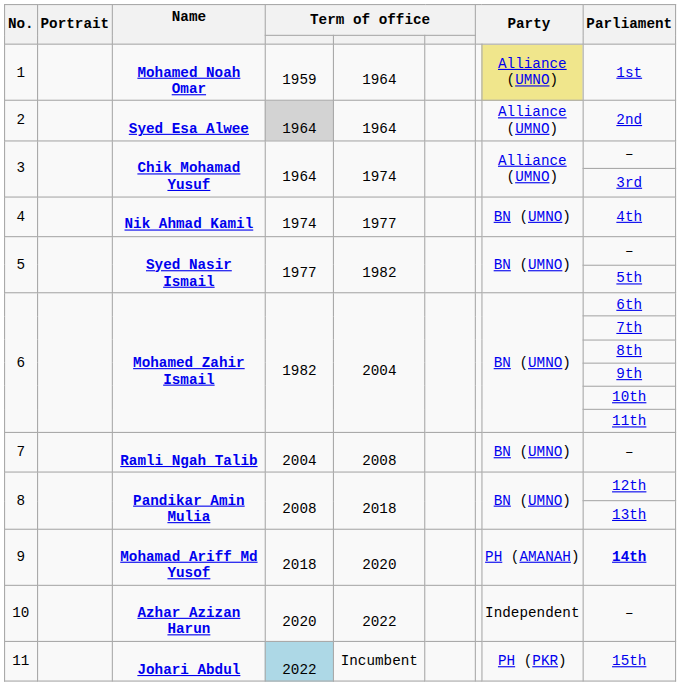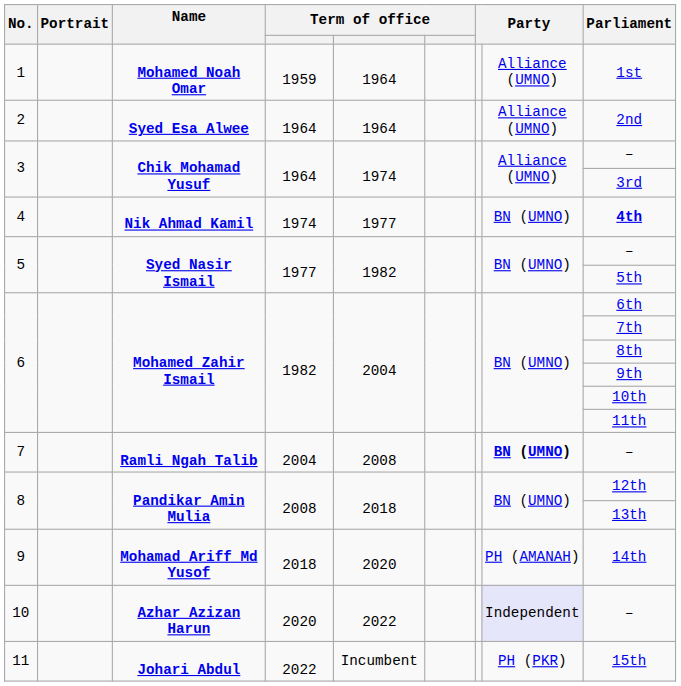 <table class="wikitable" style="text-align:center; border:1px #aaf solid;">
 <tr>
 <th rowspan="2">No.</th>
 <th rowspan="2">Portrait</th>
 <th rowspan="2" width="215">Name<br><br></th>
 <th colspan="3">Term of office</th>
 <th colspan="2" rowspan="2">Party</th>
 <th rowspan="2">Parliament</th>
 </tr>
 <tr>
 <th width="85"></th>
 <th width="85"></th>
 <th width="85"></th>
 </tr>
 <tr>
 <td>1</td>
 <td></td>
 <td><br><strong><a href='#'>Mohamed Noah Omar</a></strong><br></td>
 <td><br>1959</td>
 <td><br>1964</td>
 <td></td>
 <td style="background:"></td>
-<td style="background: khaki;"><a href='#'>Alliance</a> (<a href='#'>UMNO</a>)</td>
+<td><a href='#'>Alliance</a> (<a href='#'>UMNO</a>)</td>
 <td><a href='#'>1st</a></td>
 </tr>
 <tr>
 <td>2</td>
 <td></td>
 <td><br><strong><a href='#'>Syed Esa Alwee</a></strong><br></td>
-<td style="background: lightgrey;"><br>1964</td>
+<td><br>1964</td>
 <td><br>1964</td>
 <td></td>
 <td style="background:"></td>
 <td><a href='#'>Alliance</a> (<a href='#'>UMNO</a>)</td>
 <td><a href='#'>2nd</a></td>
 </tr>
 <tr>
 <td rowspan="2">3</td>
 <td rowspan="2"></td>
 <td rowspan="2"><br><strong><a href='#'>Chik Mohamad Yusuf</a></strong><br></td>
 <td rowspan="2"><br>1964</td>
 <td rowspan="2"><br>1974</td>
 <td rowspan="2"></td>
 <td rowspan="2" style="background:"></td>
 <td rowspan="2"><a href='#'>Alliance</a> (<a href='#'>UMNO</a>)</td>
 <td>–</td>
 </tr>
 <tr>
 <td><a href='#'>3rd</a></td>
 </tr>
 <tr>
 <td>4</td>
 <td></td>
 <td><br><strong><a href='#'>Nik Ahmad Kamil</a></strong><br></td>
 <td><br>1974</td>
 <td><br>1977</td>
 <td></td>
 <td style="background:"></td>
 <td><a href='#'>BN</a> (<a href='#'>UMNO</a>)</td>
-<td><a href='#'>4th</a></td>
+<td><strong><a href='#'>4th</a></strong></td>
 </tr>
 <tr>
 <td rowspan="2">5</td>
 <td rowspan="2"></td>
 <td rowspan="2"><br><strong><a href='#'>Syed Nasir Ismail</a></strong><br></td>
 <td rowspan="2"><br>1977</td>
 <td rowspan="2"><br>1982</td>
 <td rowspan="2"></td>
 <td rowspan="2" style="background:"></td>
 <td rowspan="2"><a href='#'>BN</a> (<a href='#'>UMNO</a>)</td>
 <td>–</td>
 </tr>
 <tr>
 <td><a href='#'>5th</a></td>
 </tr>
 <tr>
 <td rowspan="6">6</td>
 <td rowspan="6"></td>
 <td rowspan="6"><br><strong><a href='#'>Mohamed Zahir Ismail</a></strong><br></td>
 <td rowspan="6"><br>1982</td>
 <td rowspan="6"><br>2004</td>
 <td rowspan="6"></td>
 <td rowspan="6" style="background:"></td>
 <td rowspan="6"><a href='#'>BN</a> (<a href='#'>UMNO</a>)</td>
 <td><a href='#'>6th</a></td>
 </tr>
 <tr>
 <td><a href='#'>7th</a></td>
 </tr>
 <tr>
 <td><a href='#'>8th</a></td>
 </tr>
 <tr>
 <td><a href='#'>9th</a></td>
 </tr>
 <tr>
 <td><a href='#'>10th</a></td>
 </tr>
 <tr>
 <td><a href='#'>11th</a></td>
 </tr>
 <tr>
 <td>7</td>
 <td></td>
 <td><br><strong><a href='#'>Ramli Ngah Talib</a></strong><br></td>
 <td><br>2004</td>
 <td><br>2008</td>
 <td></td>
 <td style="background:"></td>
-<td><a href='#'>BN</a> (<a href='#'>UMNO</a>)</td>
+<td><strong><a href='#'>BN</a> (<a href='#'>UMNO</a>)</strong></td>
 <td>–</td>
 </tr>
 <tr>
 <td rowspan="2">8</td>
 <td rowspan="2"></td>
 <td rowspan="2"><br><strong><a href='#'>Pandikar Amin Mulia</a></strong><br></td>
 <td rowspan="2"><br>2008</td>
 <td rowspan="2"><br>2018</td>
 <td rowspan="2"></td>
 <td rowspan="2" style="background:"></td>
 <td rowspan="2"><a href='#'>BN</a> (<a href='#'>UMNO</a>)</td>
 <td><a href='#'>12th</a></td>
 </tr>
 <tr>
 <td><a href='#'>13th</a></td>
 </tr>
 <tr>
 <td>9</td>
 <td></td>
 <td><br><strong><a href='#'>Mohamad Ariff Md Yusof</a></strong><br></td>
 <td><br>2018</td>
 <td><br>2020</td>
 <td></td>
 <td style="background:"></td>
 <td><a href='#'>PH</a> (<a href='#'>AMANAH</a>)</td>
-<td><strong><a href='#'>14th</a></strong></td>
+<td><a href='#'>14th</a></td>
 </tr>
 <tr>
 <td>10</td>
 <td></td>
 <td><br><strong><a href='#'>Azhar Azizan Harun</a></strong><br></td>
 <td><br>2020</td>
 <td><br>2022</td>
 <td></td>
 <td style="background:"></td>
-<td>Independent</td>
+<td style="background: lavender;">Independent</td>
 <td>–</td>
 </tr>
 <tr>
 <td>11</td>
 <td></td>
 <td><br><strong><a href='#'>Johari Abdul</a></strong><br></td>
-<td style="background: lightblue;"><br>2022</td>
+<td><br>2022</td>
 <td>Incumbent</td>
 <td></td>
 <td style="background:"></td>
 <td><a href='#'>PH</a> (<a href='#'>PKR</a>)</td>
 <td><a href='#'>15th</a></td>
 </tr>
 </table>
